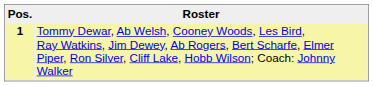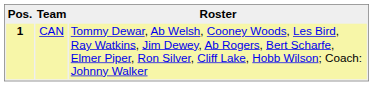 <table style="border-style:solid; border-width:1px; border-color:#808080; background-color:#EFEFEF;" cellspacing="2" cellpadding="2" width="500">
 <tr bgcolor="#EFEFEF">
 <th>Pos.</th>
+<th>Team</th>
 <th>Roster</th>
 </tr>
 <tr align="center" valign="top" bgcolor="#F7F6A8">
 <th>1</th>
+<td><a href='#'>CAN</a></td>
 <td align="left"><a href='#'>Tommy Dewar</a>, <a href='#'>Ab Welsh</a>, <a href='#'>Cooney Woods</a>, <a href='#'>Les Bird</a>,<br><a href='#'>Ray Watkins</a>, <a href='#'>Jim Dewey</a>, <a href='#'>Ab Rogers</a>, <a href='#'>Bert Scharfe</a>, <a href='#'>Elmer Piper</a>, <a href='#'>Ron Silver</a>, <a href='#'>Cliff Lake</a>, <a href='#'>Hobb Wilson</a>; Coach: <a href='#'>Johnny Walker</a></td>
 </tr>
 </table>
